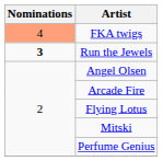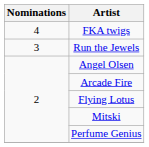 <table class="wikitable" rowspan="2" style="text-align:center;">
 <tr>
 <th scope="col" style="width:55px;">Nominations</th>
 <th scope="col" style="text-align:center;">Artist</th>
 </tr>
 <tr>
-<td style="background: lightsalmon;">4</td>
+<td>4</td>
 <td><a href='#'>FKA twigs</a></td>
 </tr>
 <tr>
-<td><strong>3</strong></td>
+<td>3</td>
 <td><a href='#'>Run the Jewels</a></td>
 </tr>
 <tr>
 <td rowspan="5">2</td>
 <td><a href='#'>Angel Olsen</a></td>
 </tr>
 <tr>
 <td><a href='#'>Arcade Fire</a></td>
 </tr>
 <tr>
 <td><a href='#'>Flying Lotus</a></td>
 </tr>
 <tr>
 <td><a href='#'>Mitski</a></td>
 </tr>
 <tr>
 <td><a href='#'>Perfume Genius</a></td>
 </tr>
 <tr>
 </tr>
 </table>
